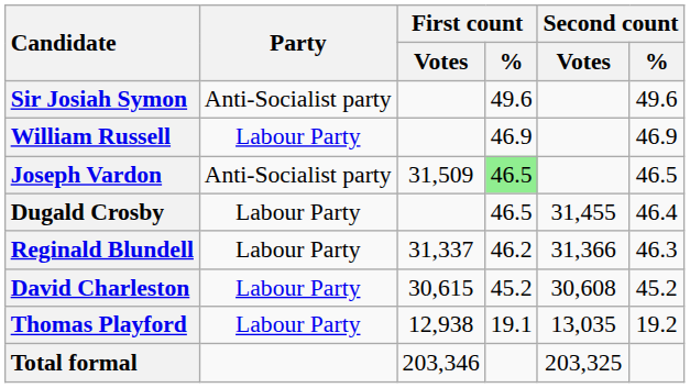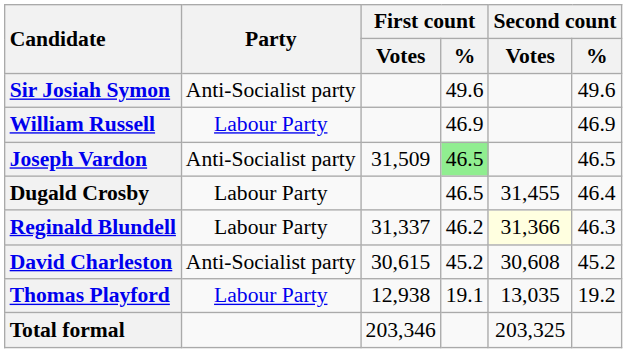 <table class="wikitable">
 <tr ---->
 <th style="text-align:left;" rowSpan="2">Candidate</th>
 <th rowSpan="2">Party</th>
 <th colSpan="2">First count</th>
 <th colSpan="2">Second count</th>
 </tr>
 <tr ---->
 <th>Votes</th>
 <th>%</th>
 <th>Votes</th>
 <th>%</th>
 </tr>
 <tr ---- align="center">
 <th style="text-align:left;"><a href='#'>Sir Josiah Symon</a></th>
 <td>Anti-Socialist party</td>
 <td></td>
 <td>49.6</td>
 <td></td>
 <td>49.6</td>
 </tr>
 <tr ---- align="center">
 <th style="text-align:left;"><a href='#'>William Russell</a></th>
 <td><a href='#'>Labour Party</a></td>
 <td></td>
 <td>46.9</td>
 <td></td>
 <td>46.9</td>
 </tr>
 <tr ---- align="center">
 <th style="text-align:left"><a href='#'>Joseph Vardon</a></th>
 <td>Anti-Socialist party</td>
 <td>31,509</td>
 <td style="background: lightgreen;">46.5</td>
 <td></td>
 <td>46.5</td>
 </tr>
 <tr ---- align="center">
 <th style="text-align:left">Dugald Crosby</th>
 <td>Labour Party</td>
 <td></td>
 <td>46.5</td>
 <td>31,455</td>
 <td>46.4</td>
 </tr>
 <tr ---- align="center">
 <th style="text-align:left"><a href='#'>Reginald Blundell</a></th>
 <td>Labour Party</td>
 <td>31,337</td>
 <td>46.2</td>
-<td>31,366</td>
+<td style="background: lightyellow;">31,366</td>
 <td>46.3</td>
 </tr>
 <tr ---- align="center">
 <th style="text-align:left"><a href='#'>David Charleston</a></th>
-<td><a href='#'>Labour Party</a></td>
+<td>Anti-Socialist party</td>
 <td>30,615</td>
 <td>45.2</td>
 <td>30,608</td>
 <td>45.2</td>
 </tr>
 <tr ---- align="center">
 <th style="text-align:left"><a href='#'>Thomas Playford</a></th>
 <td><a href='#'>Labour Party</a></td>
 <td>12,938</td>
 <td>19.1</td>
 <td>13,035</td>
 <td>19.2</td>
 </tr>
 <tr ---- align="center">
 <th style="text-align:left">Total formal</th>
 <td></td>
 <td>203,346</td>
 <td></td>
 <td>203,325</td>
 <td></td>
 </tr>
 </table>
